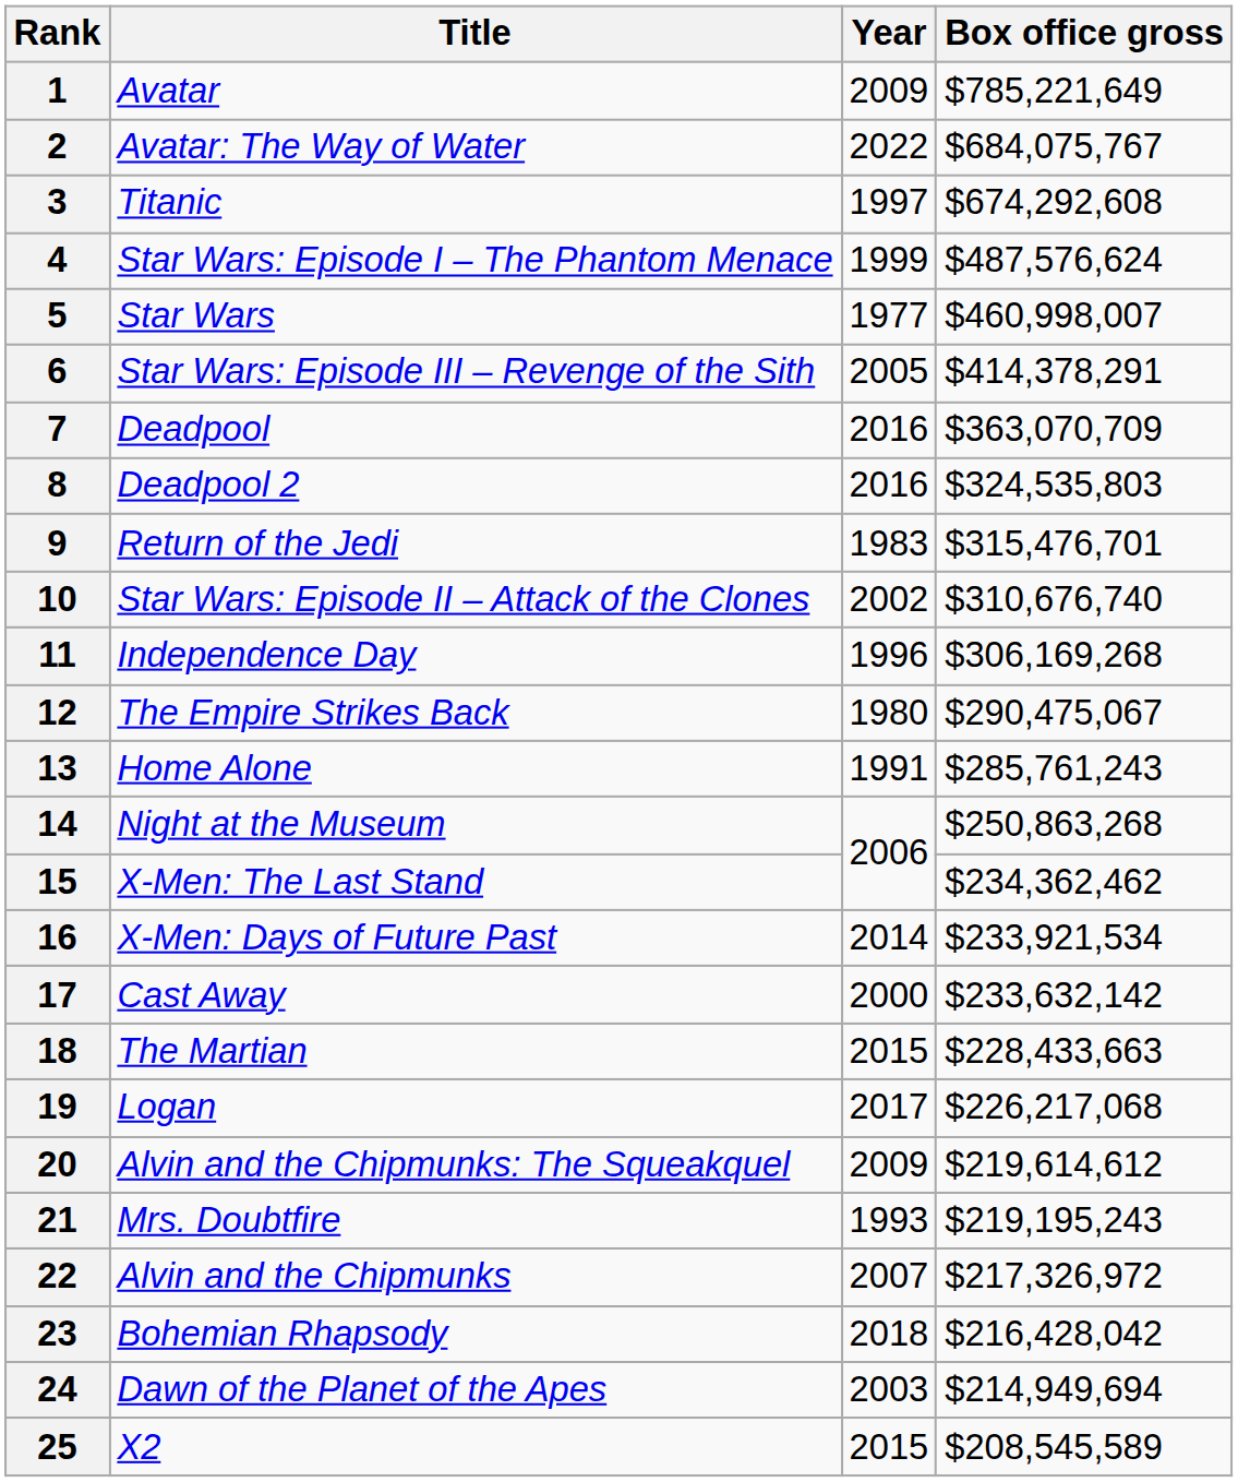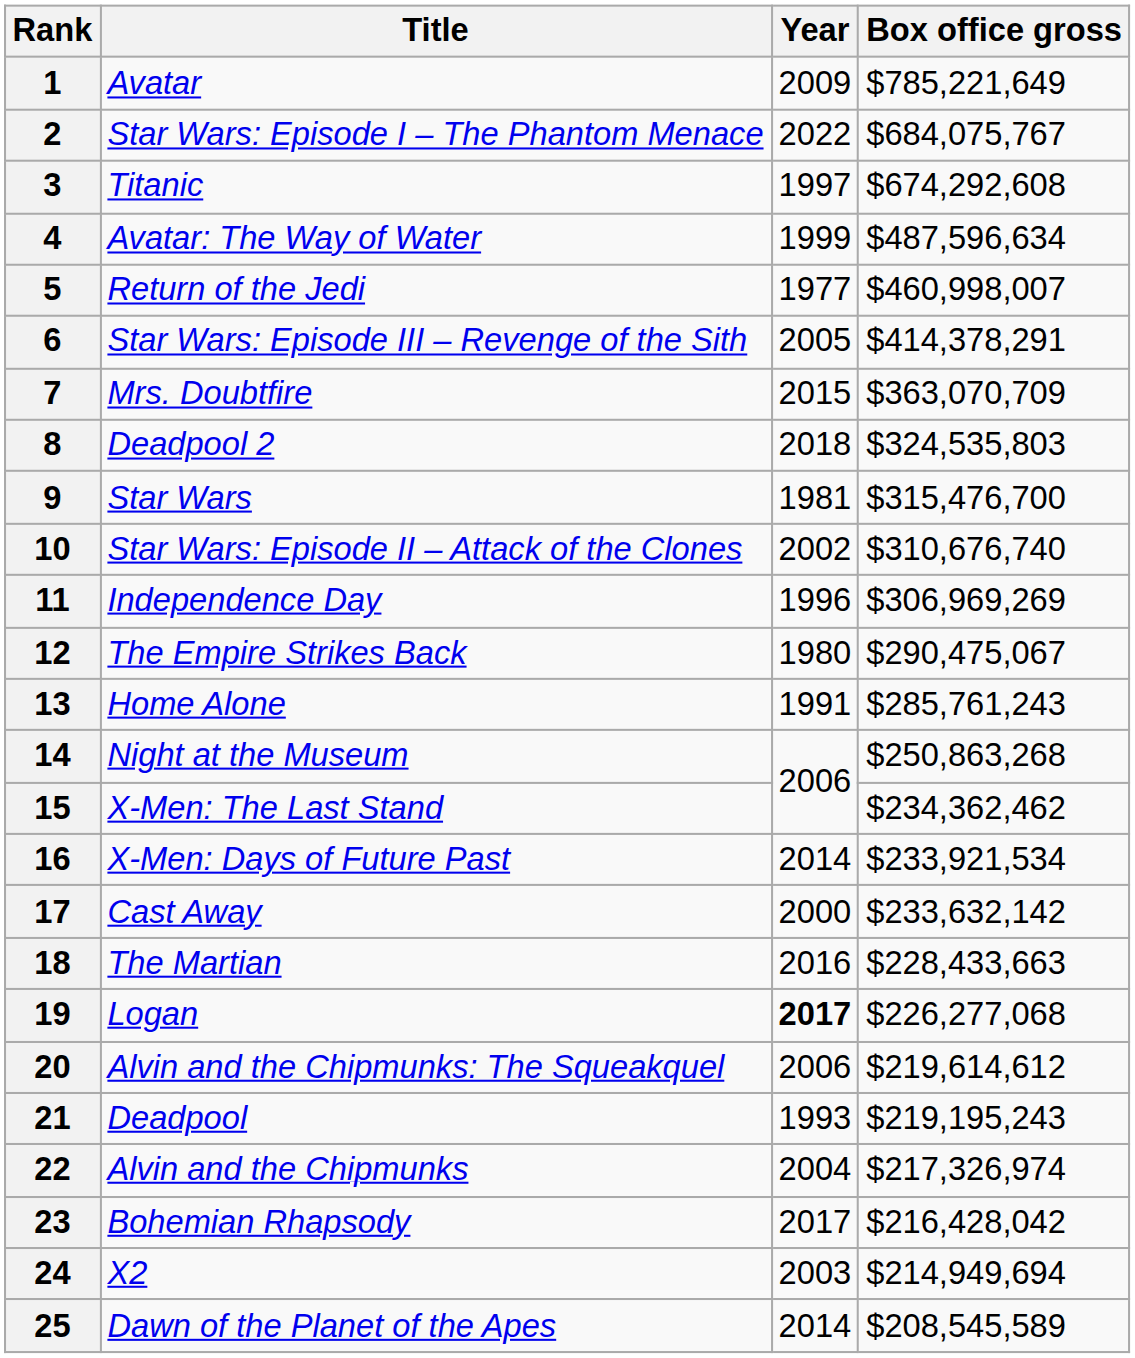 <table class="wikitable sortable" style="display:inline-table;">
 <tr>
 <th scope="col">Rank</th>
 <th scope="col">Title</th>
 <th scope="col">Year</th>
 <th scope="col">Box office gross</th>
 </tr>
 <tr>
 <th scope="row">1</th>
 <td><em><a href='#'>Avatar</a></em> </td>
 <td>2009</td>
 <td>$785,221,649</td>
 </tr>
 <tr>
 <th scope="row">2</th>
-<td><em><a href='#'>Avatar: The Way of Water</a></em></td>
+<td><em><a href='#'>Star Wars: Episode I – The Phantom Menace</a></em> </td>
 <td>2022</td>
 <td>$684,075,767</td>
 </tr>
 <tr>
 <th scope="row">3</th>
 <td><em><a href='#'>Titanic</a></em></td>
 <td>1997</td>
 <td>$674,292,608</td>
 </tr>
 <tr>
 <th scope="row">4</th>
-<td><em><a href='#'>Star Wars: Episode I – The Phantom Menace</a></em> </td>
+<td><em><a href='#'>Avatar: The Way of Water</a></em></td>
 <td>1999</td>
-<td>$487,576,624</td>
+<td>$487,596,634</td>
 </tr>
 <tr>
 <th scope="row">5</th>
-<td><em><a href='#'>Star Wars</a></em> </td>
+<td><em><a href='#'>Return of the Jedi</a></em> </td>
 <td>1977</td>
 <td>$460,998,007</td>
 </tr>
 <tr>
 <th scope="row">6</th>
 <td><em><a href='#'>Star Wars: Episode III – Revenge of the Sith</a></em> </td>
 <td>2005</td>
 <td>$414,378,291</td>
 </tr>
 <tr>
 <th scope="row">7</th>
-<td><em><a href='#'>Deadpool</a></em></td>
-<td>2016</td>
+<td><em><a href='#'>Mrs. Doubtfire</a></em></td>
+<td>2015</td>
 <td>$363,070,709</td>
 </tr>
 <tr>
 <th scope="row">8</th>
 <td><em><a href='#'>Deadpool 2</a></em></td>
-<td>2016</td>
+<td>2018</td>
 <td>$324,535,803</td>
 </tr>
 <tr>
 <th scope="row">9</th>
-<td><em><a href='#'>Return of the Jedi</a></em> </td>
-<td>1983</td>
-<td>$315,476,701</td>
+<td><em><a href='#'>Star Wars</a></em> </td>
+<td>1981</td>
+<td>$315,476,700</td>
 </tr>
 <tr>
 <th scope="row">10</th>
 <td><em><a href='#'>Star Wars: Episode II – Attack of the Clones</a></em></td>
 <td>2002</td>
 <td>$310,676,740</td>
 </tr>
 <tr>
 <th scope="row">11</th>
 <td><em><a href='#'>Independence Day</a></em></td>
 <td>1996</td>
-<td>$306,169,268</td>
+<td>$306,969,269</td>
 </tr>
 <tr>
 <th scope="row">12</th>
 <td><em><a href='#'>The Empire Strikes Back</a></em> </td>
 <td>1980</td>
 <td>$290,475,067</td>
 </tr>
 <tr>
 <th scope="row">13</th>
 <td><em><a href='#'>Home Alone</a></em></td>
 <td>1991</td>
 <td>$285,761,243</td>
 </tr>
 <tr>
 <th scope="row">14</th>
 <td><em><a href='#'>Night at the Museum</a></em></td>
 <td rowspan=2>2006</td>
 <td>$250,863,268</td>
 </tr>
 <tr>
 <th scope="row">15</th>
 <td><em><a href='#'>X-Men: The Last Stand</a></em></td>
 <td>$234,362,462</td>
 </tr>
 <tr>
 <th scope="row">16</th>
 <td><em><a href='#'>X-Men: Days of Future Past</a></em></td>
 <td>2014</td>
 <td>$233,921,534</td>
 </tr>
 <tr>
 <th scope="row">17</th>
 <td><em><a href='#'>Cast Away</a></em></td>
 <td>2000</td>
 <td>$233,632,142</td>
 </tr>
 <tr>
 <th scope="row">18</th>
 <td><em><a href='#'>The Martian</a></em></td>
-<td>2015</td>
+<td>2016</td>
 <td>$228,433,663</td>
 </tr>
 <tr>
 <th scope="row">19</th>
 <td><em><a href='#'>Logan</a></em></td>
-<td>2017</td>
-<td>$226,217,068</td>
+<td><strong>2017</strong></td>
+<td>$226,277,068</td>
 </tr>
 <tr>
 <th scope="row">20</th>
 <td><em><a href='#'>Alvin and the Chipmunks: The Squeakquel</a></em></td>
-<td>2009</td>
+<td>2006</td>
 <td>$219,614,612</td>
 </tr>
 <tr>
 <th scope="row">21</th>
-<td><em><a href='#'>Mrs. Doubtfire</a></em></td>
+<td><em><a href='#'>Deadpool</a></em></td>
 <td>1993</td>
 <td>$219,195,243</td>
 </tr>
 <tr>
 <th scope="row">22</th>
 <td><em><a href='#'>Alvin and the Chipmunks</a></em></td>
-<td>2007</td>
-<td>$217,326,972</td>
+<td>2004</td>
+<td>$217,326,974</td>
 </tr>
 <tr>
 <th scope="row">23</th>
 <td><em><a href='#'>Bohemian Rhapsody</a></em></td>
-<td>2018</td>
+<td>2017</td>
 <td>$216,428,042</td>
 </tr>
 <tr>
 <th scope="row">24</th>
-<td><em><a href='#'>Dawn of the Planet of the Apes</a></em></td>
+<td><em><a href='#'>X2</a></em></td>
 <td>2003</td>
 <td>$214,949,694</td>
 </tr>
 <tr>
 <th scope="row">25</th>
-<td><em><a href='#'>X2</a></em></td>
-<td>2015</td>
+<td><em><a href='#'>Dawn of the Planet of the Apes</a></em></td>
+<td>2014</td>
 <td>$208,545,589</td>
 </tr>
 </table>
